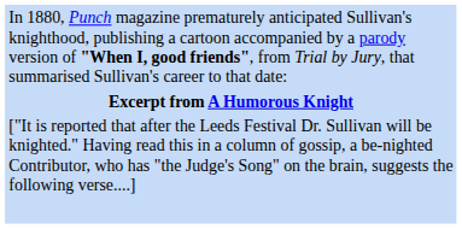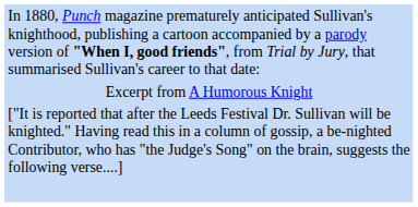 <table class="toccolours" style="float: right; margin-left: 1em; font-size: 85%; margin-right: 1em; background:#c6dbf7; color:black; width:27em; cellspacing="5">
 <tr>
 <td style="text-align: left;">In 1880, <em><a href='#'>Punch</a></em> magazine prematurely anticipated Sullivan's knighthood, publishing a cartoon accompanied by a <a href='#'>parody</a> version of <strong>"When I, good friends"</strong>, from <em>Trial by Jury</em>, that summarised Sullivan's career to that date:<em></td>
 </tr>
 <tr>
-<td style="text-align: center;"><strong></em>Excerpt from <a href='#'>A Humorous Knight</a><em></strong></td>
+<td style="text-align: center;"></em>Excerpt from <a href='#'>A Humorous Knight</a><em></td>
 </tr>
 <tr>
 <td style="text-align: left;">["It is reported that after the Leeds Festival Dr. Sullivan will be knighted."  Having read this in a column of gossip, a be-nighted Contributor, who has "the Judge's Song" on the brain, suggests the following verse....]</td>
 </tr>
 <tr>
 <td style="text-align: left;"><br></td>
 </tr>
 </table>
